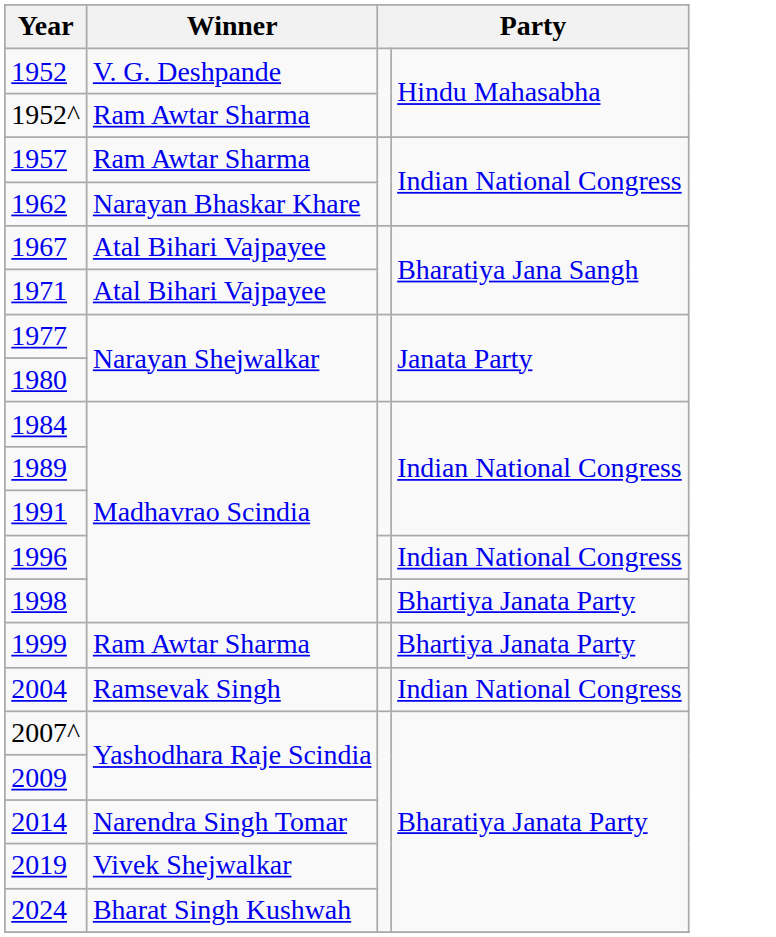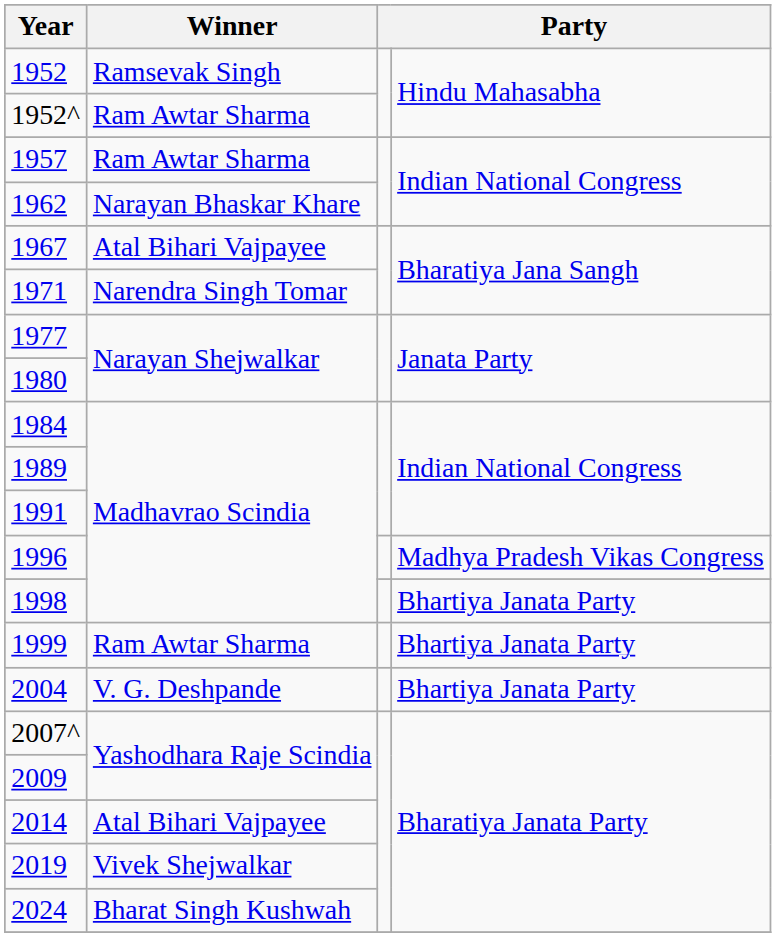 <table class="wikitable">
 <tr>
 <th>Year</th>
 <th>Winner</th>
 <th colspan="2">Party</th>
 </tr>
 <tr>
 <td><a href='#'>1952</a></td>
-<td><a href='#'>V. G. Deshpande</a></td>
+<td><a href='#'>Ramsevak Singh</a></td>
 <td rowspan="2" style="background-color: "></td>
 <td rowspan="2"><a href='#'>Hindu Mahasabha</a></td>
 </tr>
 <tr>
 <td>1952^</td>
 <td><a href='#'>Ram Awtar Sharma</a></td>
 </tr>
 <tr>
 <td><a href='#'>1957</a></td>
 <td><a href='#'>Ram Awtar Sharma</a></td>
 <td rowspan="2" style="background-color: "></td>
 <td rowspan="2"><a href='#'>Indian National Congress</a></td>
 </tr>
 <tr>
 <td><a href='#'>1962</a></td>
 <td><a href='#'>Narayan Bhaskar Khare</a></td>
 </tr>
 <tr>
 <td><a href='#'>1967</a></td>
 <td><a href='#'>Atal Bihari Vajpayee</a></td>
 <td rowspan="2" style="background-color: "></td>
 <td rowspan="2"><a href='#'>Bharatiya Jana Sangh</a></td>
 </tr>
 <tr>
 <td><a href='#'>1971</a></td>
-<td><a href='#'>Atal Bihari Vajpayee</a></td>
+<td><a href='#'>Narendra Singh Tomar</a></td>
 </tr>
 <tr>
 <td><a href='#'>1977</a></td>
 <td rowspan="2"><a href='#'>Narayan Shejwalkar</a></td>
 <td rowspan="2" style="background-color: "></td>
 <td rowspan="2"><a href='#'>Janata Party</a></td>
 </tr>
 <tr>
 <td><a href='#'>1980</a></td>
 </tr>
 <tr>
 <td><a href='#'>1984</a></td>
 <td rowspan="5"><a href='#'>Madhavrao Scindia</a></td>
 <td rowspan="3" style="background-color: "></td>
 <td rowspan="3"><a href='#'>Indian National Congress</a></td>
 </tr>
 <tr>
 <td><a href='#'>1989</a></td>
 </tr>
 <tr>
 <td><a href='#'>1991</a></td>
 </tr>
 <tr>
 <td><a href='#'>1996</a></td>
 <td style="background-color: "></td>
-<td><a href='#'>Indian National Congress</a></td>
+<td><a href='#'>Madhya Pradesh Vikas Congress</a></td>
 </tr>
 <tr>
 <td><a href='#'>1998</a></td>
 <td style="background-color: "></td>
 <td><a href='#'>Bhartiya Janata Party</a></td>
 </tr>
 <tr>
 <td><a href='#'>1999</a></td>
 <td><a href='#'>Ram Awtar Sharma</a></td>
 <td style="background-color: "></td>
 <td><a href='#'>Bhartiya Janata Party</a></td>
 </tr>
 <tr>
 <td><a href='#'>2004</a></td>
-<td><a href='#'>Ramsevak Singh</a></td>
+<td><a href='#'>V. G. Deshpande</a></td>
 <td style="background-color: "></td>
-<td><a href='#'>Indian National Congress</a></td>
+<td><a href='#'>Bhartiya Janata Party</a></td>
 </tr>
 <tr>
 <td>2007^</td>
 <td rowspan="2"><a href='#'>Yashodhara Raje Scindia</a></td>
 <td rowspan="5" style="background-color: "></td>
 <td rowspan="5"><a href='#'>Bharatiya Janata Party</a></td>
 </tr>
 <tr>
 <td><a href='#'>2009</a></td>
 </tr>
 <tr>
 <td><a href='#'>2014</a></td>
-<td><a href='#'>Narendra Singh Tomar</a></td>
+<td><a href='#'>Atal Bihari Vajpayee</a></td>
 </tr>
 <tr>
 <td><a href='#'>2019</a></td>
 <td><a href='#'>Vivek Shejwalkar</a></td>
 </tr>
 <tr>
 <td><a href='#'>2024</a></td>
 <td><a href='#'>Bharat Singh Kushwah</a></td>
 </tr>
 <tr>
 </tr>
 </table>
